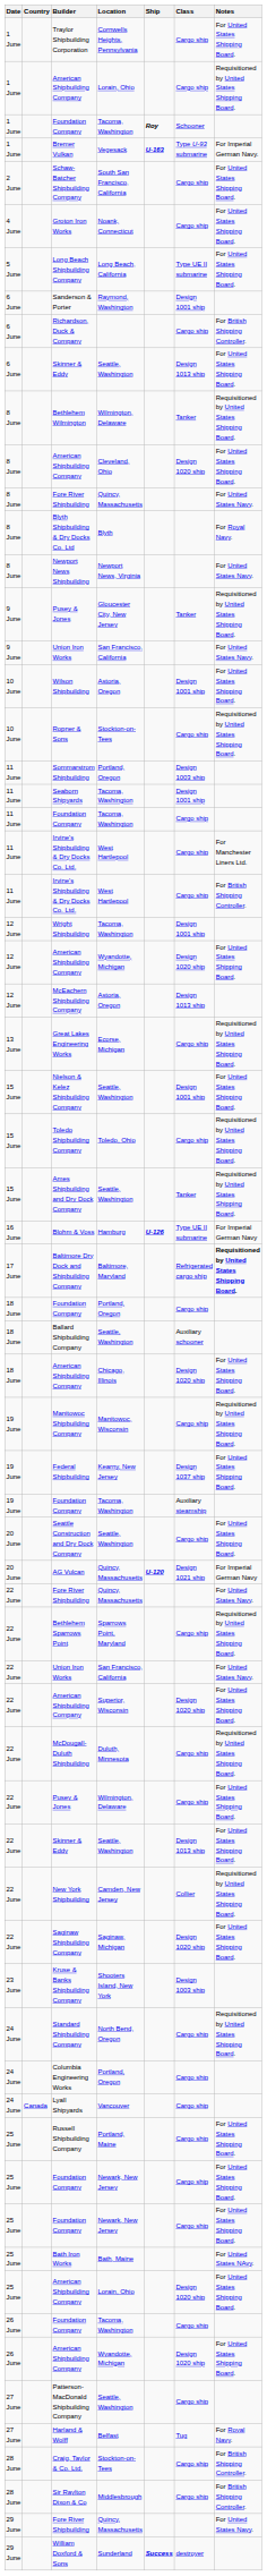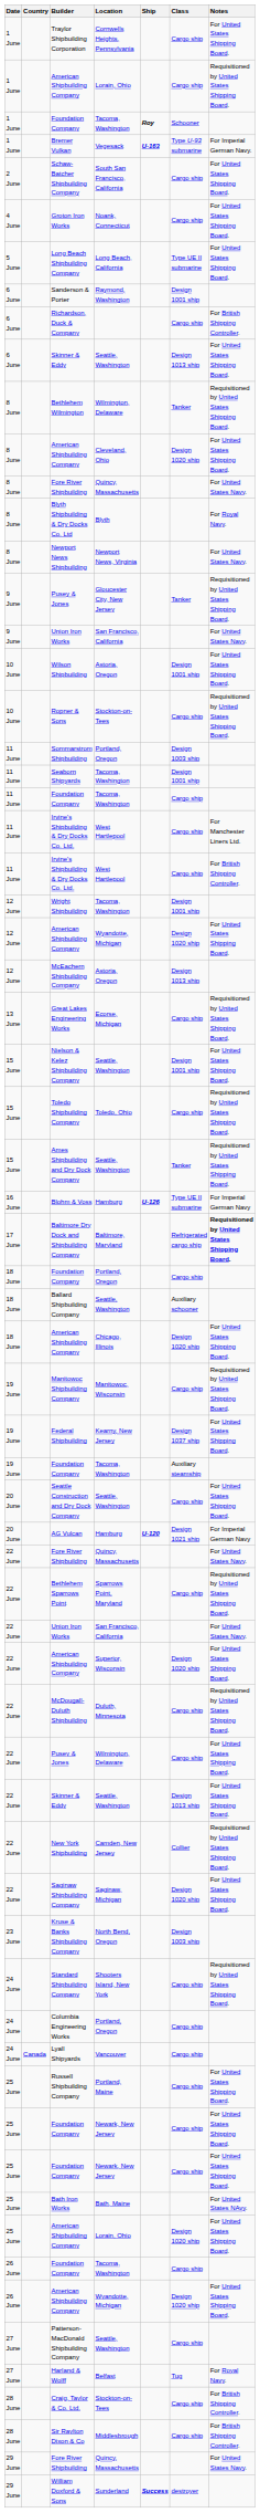 <table class="wikitable sortable" style="font-size:1.00em; line-height:1.5em;">
 <tr>
 <th style="text-align: left;">Date</th>
 <th style="text-align: left;">Country</th>
 <th style="text-align: left;">Builder</th>
 <th style="text-align: left;">Location</th>
 <th style="text-align: left;">Ship</th>
 <th style="text-align: left;">Class</th>
 <th style="text-align: left;">Notes</th>
 </tr>
 <tr>
 <td>1 June</td>
 <td></td>
 <td>Traylor Shipbuilding Corporation</td>
 <td><a href='#'>Cornwells Heights, Pennsylvania</a></td>
 <td><strong></strong></td>
 <td><a href='#'>Cargo ship</a></td>
 <td>For <a href='#'>United States Shipping Board</a>.</td>
 </tr>
 <tr>
 <td>1 June</td>
 <td></td>
 <td><a href='#'>American Shipbuilding Company</a></td>
 <td><a href='#'>Lorain, Ohio</a></td>
 <td><strong></strong></td>
 <td><a href='#'>Cargo ship</a></td>
 <td>Requisitioned by <a href='#'>United States Shipping Board</a>.</td>
 </tr>
 <tr>
 <td>1 June</td>
 <td></td>
 <td><a href='#'>Foundation Company</a></td>
 <td><a href='#'>Tacoma, Washington</a></td>
 <td><strong><em>Roy</em></strong></td>
 <td><a href='#'>Schooner</a></td>
 <td></td>
 </tr>
 <tr>
 <td>1 June</td>
 <td></td>
 <td><a href='#'>Bremer Vulkan</a></td>
 <td><a href='#'>Vegesack</a></td>
 <td><strong><a href='#'><em>U-163</em></a></strong></td>
 <td><a href='#'>Type <em>U-93</em> submarine</a></td>
 <td>For Imperial German Navy.</td>
 </tr>
 <tr>
 <td>2 June</td>
 <td></td>
 <td><a href='#'>Schaw-Batcher Shipbuilding Company</a></td>
 <td><a href='#'>South San Francisco, California</a></td>
 <td><strong></strong></td>
 <td><a href='#'>Cargo ship</a></td>
 <td>For <a href='#'>United States Shipping Board</a>.</td>
 </tr>
 <tr>
 <td>4 June</td>
 <td></td>
 <td><a href='#'>Groton Iron Works</a></td>
 <td><a href='#'>Noank, Connecticut</a></td>
 <td><strong></strong></td>
 <td><a href='#'>Cargo ship</a></td>
 <td>For <a href='#'>United States Shipping Board</a>.</td>
 </tr>
 <tr>
 <td>5 June</td>
 <td></td>
 <td><a href='#'>Long Beach Shipbuilding Company</a></td>
 <td><a href='#'>Long Beach, California</a></td>
 <td><strong></strong></td>
 <td><a href='#'>Type UE II submarine</a></td>
 <td>For <a href='#'>United States Shipping Board</a>.</td>
 </tr>
 <tr>
 <td>6 June</td>
 <td></td>
 <td>Sanderson & Porter</td>
 <td><a href='#'>Raymond, Washington</a></td>
 <td><strong></strong></td>
 <td><a href='#'>Design 1001 ship</a></td>
 <td></td>
 </tr>
 <tr>
 <td>6 June</td>
 <td></td>
 <td><a href='#'>Richardson, Duck & Company</a></td>
 <td></td>
 <td><strong></strong></td>
 <td><a href='#'>Cargo ship</a></td>
 <td>For <a href='#'>British Shipping Controller</a>.</td>
 </tr>
 <tr>
 <td>6 June</td>
 <td></td>
 <td><a href='#'>Skinner & Eddy</a></td>
 <td><a href='#'>Seattle, Washington</a></td>
 <td><strong></strong></td>
 <td><a href='#'>Design 1013 ship</a></td>
 <td>For <a href='#'>United States Shipping Board</a>.</td>
 </tr>
 <tr>
 <td>8 June</td>
 <td></td>
 <td><a href='#'>Bethlehem Wilmington</a></td>
 <td><a href='#'>Wilmington, Delaware</a></td>
 <td><strong></strong></td>
 <td><a href='#'>Tanker</a></td>
 <td>Requisitioned by <a href='#'>United States Shipping Board</a>.</td>
 </tr>
 <tr>
 <td>8 June</td>
 <td></td>
 <td><a href='#'>American Shipbuilding Company</a></td>
 <td><a href='#'>Cleveland, Ohio</a></td>
 <td><strong></strong></td>
 <td><a href='#'>Design 1020 ship</a></td>
 <td>For <a href='#'>United States Shipping Board</a>.</td>
 </tr>
 <tr>
 <td>8 June</td>
 <td></td>
 <td><a href='#'>Fore River Shipbuilding</a></td>
 <td><a href='#'>Quincy, Massachusetts</a></td>
 <td><strong></strong></td>
 <td></td>
 <td>For <a href='#'>United States Navy</a>.</td>
 </tr>
 <tr ---->
 <td>8 June</td>
 <td></td>
 <td><a href='#'>Blyth Shipbuilding & Dry Docks Co. Ltd</a></td>
 <td><a href='#'>Blyth</a></td>
 <td><strong></strong></td>
 <td></td>
 <td>For <a href='#'>Royal Navy</a>.</td>
 </tr>
 <tr>
 <td>8 June</td>
 <td></td>
 <td><a href='#'>Newport News Shipbuilding</a></td>
 <td><a href='#'>Newport News, Virginia</a></td>
 <td><strong></strong></td>
 <td></td>
 <td>For <a href='#'>United States Navy</a>.</td>
 </tr>
 <tr>
 <td>9 June</td>
 <td></td>
 <td><a href='#'>Pusey & Jones</a></td>
 <td><a href='#'>Gloucester City, New Jersey</a></td>
 <td><strong></strong></td>
 <td><a href='#'>Tanker</a></td>
 <td>Requisitioned by <a href='#'>United States Shipping Board</a>.</td>
 </tr>
 <tr>
 <td>9 June</td>
 <td></td>
 <td><a href='#'>Union Iron Works</a></td>
 <td><a href='#'>San Francisco, California</a></td>
 <td><strong></strong></td>
 <td></td>
 <td>For <a href='#'>United States Navy</a>.</td>
 </tr>
 <tr>
 <td>10 June</td>
 <td></td>
 <td><a href='#'>Wilson Shipbuilding</a></td>
 <td><a href='#'>Astoria, Oregon</a></td>
 <td><strong></strong></td>
 <td><a href='#'>Design 1001 ship</a></td>
 <td>For <a href='#'>United States Shipping Board</a>.</td>
 </tr>
 <tr>
 <td>10 June</td>
 <td></td>
 <td><a href='#'>Ropner & Sons</a></td>
 <td><a href='#'>Stockton-on-Tees</a></td>
 <td><strong></strong></td>
 <td><a href='#'>Cargo ship</a></td>
 <td>Requisitioned by <a href='#'>United States Shipping Board</a>.</td>
 </tr>
 <tr>
 <td>11 June</td>
 <td></td>
 <td><a href='#'>Sommarstrom Shipbuilding</a></td>
 <td><a href='#'>Portland, Oregon</a></td>
 <td><strong></strong></td>
 <td><a href='#'>Design 1003 ship</a></td>
 <td></td>
 </tr>
 <tr>
 <td>11 June</td>
 <td></td>
 <td><a href='#'>Seaborn Shipyards</a></td>
 <td><a href='#'>Tacoma, Washington</a></td>
 <td><strong></strong></td>
 <td><a href='#'>Design 1001 ship</a></td>
 <td></td>
 </tr>
 <tr>
 <td>11 June</td>
 <td></td>
 <td><a href='#'>Foundation Company</a></td>
 <td><a href='#'>Tacoma, Washington</a></td>
 <td><strong></strong></td>
 <td><a href='#'>Cargo ship</a></td>
 <td></td>
 </tr>
 <tr>
 <td>11 June</td>
 <td></td>
 <td><a href='#'>Irvine's Shipbuilding & Dry Docks Co. Ltd.</a></td>
 <td><a href='#'>West Hartlepool</a></td>
 <td><strong></strong></td>
 <td><a href='#'>Cargo ship</a></td>
 <td>For  Manchester Liners Ltd.</td>
 </tr>
 <tr>
 <td>11 June</td>
 <td></td>
 <td><a href='#'>Irvine's Shipbuilding & Dry Docks Co. Ltd.</a></td>
 <td><a href='#'>West Hartlepool</a></td>
 <td><strong></strong></td>
 <td><a href='#'>Cargo ship</a></td>
 <td>For <a href='#'>British Shipping Controller</a>.</td>
 </tr>
 <tr>
 <td>12 June</td>
 <td></td>
 <td><a href='#'>Wright Shipbuilding</a></td>
 <td><a href='#'>Tacoma, Washington</a></td>
 <td><strong></strong></td>
 <td><a href='#'>Design 1001 ship</a></td>
 <td></td>
 </tr>
 <tr>
 <td>12 June</td>
 <td></td>
 <td><a href='#'>American Shipbuilding Company</a></td>
 <td><a href='#'>Wyandotte, Michigan</a></td>
 <td><strong></strong></td>
 <td><a href='#'>Design 1020 ship</a></td>
 <td>For <a href='#'>United States Shipping Board</a>.</td>
 </tr>
 <tr>
 <td>12 June</td>
 <td></td>
 <td><a href='#'>McEachern Shipbuilding Company</a></td>
 <td><a href='#'>Astoria, Oregon</a></td>
 <td><strong></strong></td>
 <td><a href='#'>Design 1013 ship</a></td>
 <td></td>
 </tr>
 <tr>
 <td>13 June</td>
 <td></td>
 <td><a href='#'>Great Lakes Engineering Works</a></td>
 <td><a href='#'>Ecorse, Michigan</a></td>
 <td><strong></strong></td>
 <td><a href='#'>Cargo ship</a></td>
 <td>Requisitioned by <a href='#'>United States Shipping Board</a>.</td>
 </tr>
 <tr>
 <td>15 June</td>
 <td></td>
 <td><a href='#'>Nielson & Kelez Shipbuilding Company</a></td>
 <td><a href='#'>Seattle, Washington</a></td>
 <td><strong></strong></td>
 <td><a href='#'>Design 1001 ship</a></td>
 <td>For <a href='#'>United States Shipping Board</a>.</td>
 </tr>
 <tr>
 <td>15 June</td>
 <td></td>
 <td><a href='#'>Toledo Shipbuilding Company</a></td>
 <td><a href='#'>Toledo, Ohio</a></td>
 <td><strong></strong></td>
 <td><a href='#'>Cargo ship</a></td>
 <td>Requisitioned by <a href='#'>United States Shipping Board</a>.</td>
 </tr>
 <tr>
 <td>15 June</td>
 <td></td>
 <td><a href='#'>Ames Shipbuilding and Dry Dock Company</a></td>
 <td><a href='#'>Seattle, Washington</a></td>
 <td><strong></strong></td>
 <td><a href='#'>Tanker</a></td>
 <td>Requisitioned by <a href='#'>United States Shipping Board</a>.</td>
 </tr>
 <tr>
 <td>16 June</td>
 <td></td>
 <td><a href='#'>Blohm & Voss</a></td>
 <td><a href='#'>Hamburg</a></td>
 <td><strong><a href='#'><em>U-126</em></a></strong></td>
 <td><a href='#'>Type UE II submarine</a></td>
 <td>For Imperial German Navy</td>
 </tr>
 <tr>
 <td>17 June</td>
 <td></td>
 <td><a href='#'>Baltimore Dry Dock and Shipbuilding Company</a></td>
 <td><a href='#'>Baltimore, Maryland</a></td>
 <td><strong></strong></td>
 <td><a href='#'>Refrigerated cargo ship</a></td>
 <td><strong>Requisitioned by <a href='#'>United States Shipping Board</a>.</strong></td>
 </tr>
 <tr>
 <td>18 June</td>
 <td></td>
 <td><a href='#'>Foundation Company</a></td>
 <td><a href='#'>Portland, Oregon</a></td>
 <td><strong></strong></td>
 <td><a href='#'>Cargo ship</a></td>
 <td></td>
 </tr>
 <tr>
 <td>18 June</td>
 <td></td>
 <td>Ballard Shipbuilding Company</td>
 <td><a href='#'>Seattle, Washington</a></td>
 <td><strong></strong></td>
 <td>Auxiliary <a href='#'>schooner</a></td>
 <td></td>
 </tr>
 <tr>
 <td>18 June</td>
 <td></td>
 <td><a href='#'>American Shipbuilding Company</a></td>
 <td><a href='#'>Chicago, Illinois</a></td>
 <td><strong></strong></td>
 <td><a href='#'>Design 1020 ship</a></td>
 <td>For <a href='#'>United States Shipping Board</a>.</td>
 </tr>
 <tr>
 <td>19 June</td>
 <td></td>
 <td><a href='#'>Manitowoc Shipbuilding Company</a></td>
 <td><a href='#'>Manitowoc, Wisconsin</a></td>
 <td><strong></strong></td>
 <td><a href='#'>Cargo ship</a></td>
 <td>Requisitioned by <a href='#'>United States Shipping Board</a>.</td>
 </tr>
 <tr>
 <td>19 June</td>
 <td></td>
 <td><a href='#'>Federal Shipbuilding</a></td>
 <td><a href='#'>Kearny, New Jersey</a></td>
 <td><strong></strong></td>
 <td><a href='#'>Design 1037 ship</a></td>
 <td>For <a href='#'>United States Shipping Board</a>.</td>
 </tr>
 <tr>
 <td>19 June</td>
 <td></td>
 <td><a href='#'>Foundation Company</a></td>
 <td><a href='#'>Tacoma, Washington</a></td>
 <td><strong></strong></td>
 <td>Auxiliary <a href='#'>steamship</a></td>
 <td></td>
 </tr>
 <tr>
 <td>20 June</td>
 <td></td>
 <td><a href='#'>Seattle Construction and Dry Dock Company</a></td>
 <td><a href='#'>Seattle, Washington</a></td>
 <td><strong></strong></td>
 <td><a href='#'>Cargo ship</a></td>
 <td>For <a href='#'>United States Shipping Board</a>.</td>
 </tr>
 <tr>
 <td>20 June</td>
 <td></td>
 <td><a href='#'>AG Vulcan</a></td>
-<td><a href='#'>Quincy, Massachusetts</a></td>
+<td><a href='#'>Hamburg</a></td>
 <td><strong><a href='#'><em>U-120</em></a></strong></td>
 <td><a href='#'>Design 1021 ship</a></td>
 <td>For Imperial German Navy</td>
 </tr>
 <tr>
 <td>22 June</td>
 <td></td>
 <td><a href='#'>Fore River Shipbuilding</a></td>
 <td><a href='#'>Quincy, Massachusetts</a></td>
 <td><strong></strong></td>
 <td></td>
 <td>For <a href='#'>United States Navy</a>.</td>
 </tr>
 <tr>
 <td>22 June</td>
 <td></td>
 <td><a href='#'>Bethlehem Sparrows Point</a></td>
 <td><a href='#'>Sparrows Point, Maryland</a></td>
 <td><strong></strong></td>
 <td><a href='#'>Cargo ship</a></td>
 <td>Requisitioned by <a href='#'>United States Shipping Board</a>.</td>
 </tr>
 <tr>
 <td>22 June</td>
 <td></td>
 <td><a href='#'>Union Iron Works</a></td>
 <td><a href='#'>San Francisco, California</a></td>
 <td><strong></strong></td>
 <td></td>
 <td>For <a href='#'>United States Navy</a>.</td>
 </tr>
 <tr>
 <td>22 June</td>
 <td></td>
 <td><a href='#'>American Shipbuilding Company</a></td>
 <td><a href='#'>Superior, Wisconsin</a></td>
 <td><strong></strong></td>
 <td><a href='#'>Design 1020 ship</a></td>
 <td>For <a href='#'>United States Shipping Board</a>.</td>
 </tr>
 <tr>
 <td>22 June</td>
 <td></td>
 <td><a href='#'>McDougall-Duluth Shipbuilding</a></td>
 <td><a href='#'>Duluth, Minnesota</a></td>
 <td><strong></strong></td>
 <td><a href='#'>Cargo ship</a></td>
 <td>Requisitioned by <a href='#'>United States Shipping Board</a>.</td>
 </tr>
 <tr>
 <td>22 June</td>
 <td></td>
 <td><a href='#'>Pusey & Jones</a></td>
 <td><a href='#'>Wilmington, Delaware</a></td>
 <td><strong></strong></td>
 <td><a href='#'>Cargo ship</a></td>
 <td>For <a href='#'>United States Shipping Board</a>.</td>
 </tr>
 <tr>
 <td>22 June</td>
 <td></td>
 <td><a href='#'>Skinner & Eddy</a></td>
 <td><a href='#'>Seattle, Washington</a></td>
 <td><strong></strong></td>
 <td><a href='#'>Design 1013 ship</a></td>
 <td>For <a href='#'>United States Shipping Board</a>.</td>
 </tr>
 <tr>
 <td>22 June</td>
 <td></td>
 <td><a href='#'>New York Shipbuilding</a></td>
 <td><a href='#'>Camden, New Jersey</a></td>
 <td><strong></strong></td>
 <td><a href='#'>Collier</a></td>
 <td>Requisitioned by <a href='#'>United States Shipping Board</a>.</td>
 </tr>
 <tr>
 <td>22 June</td>
 <td></td>
 <td><a href='#'>Saginaw Shipbuilding Company</a></td>
 <td><a href='#'>Saginaw, Michigan</a></td>
 <td><strong></strong></td>
 <td><a href='#'>Design 1020 ship</a></td>
 <td>For <a href='#'>United States Shipping Board</a>.</td>
 </tr>
 <tr>
 <td>23 June</td>
 <td></td>
 <td><a href='#'>Kruse & Banks Shipbuilding Company</a></td>
-<td><a href='#'>Shooters Island, New York</a></td>
+<td><a href='#'>North Bend, Oregon</a></td>
 <td><strong></strong></td>
 <td><a href='#'>Design 1003 ship</a></td>
 <td></td>
 </tr>
 <tr>
 <td>24 June</td>
 <td></td>
 <td><a href='#'>Standard Shipbuilding Company</a></td>
-<td><a href='#'>North Bend, Oregon</a></td>
+<td><a href='#'>Shooters Island, New York</a></td>
 <td><strong></strong></td>
 <td><a href='#'>Cargo ship</a></td>
 <td>Requisitioned by <a href='#'>United States Shipping Board</a>.</td>
 </tr>
 <tr>
 <td>24 June</td>
 <td></td>
 <td>Columbia Engineering Works</td>
 <td><a href='#'>Portland, Oregon</a></td>
 <td><strong></strong></td>
 <td><a href='#'>Cargo ship</a></td>
 <td></td>
 </tr>
 <tr>
 <td>24 June</td>
 <td> <a href='#'>Canada</a></td>
 <td>Lyall Shipyards</td>
 <td><a href='#'>Vancouver</a></td>
 <td><strong></strong></td>
 <td><a href='#'>Cargo ship</a></td>
 <td></td>
 </tr>
 <tr>
 <td>25 June</td>
 <td></td>
 <td>Russell Shipbuilding Company</td>
 <td><a href='#'>Portland, Maine</a></td>
 <td><strong></strong></td>
 <td><a href='#'>Cargo ship</a></td>
 <td>For <a href='#'>United States Shipping Board</a>.</td>
 </tr>
 <tr>
 <td>25 June</td>
 <td></td>
 <td><a href='#'>Foundation Company</a></td>
 <td><a href='#'>Newark, New Jersey</a></td>
 <td><strong></strong></td>
 <td><a href='#'>Cargo ship</a></td>
 <td>For <a href='#'>United States Shipping Board</a>.</td>
 </tr>
 <tr>
 <td>25 June</td>
 <td></td>
 <td><a href='#'>Foundation Company</a></td>
 <td><a href='#'>Newark, New Jersey</a></td>
 <td><strong></strong></td>
 <td><a href='#'>Cargo ship</a></td>
 <td>For <a href='#'>United States Shipping Board</a>.</td>
 </tr>
 <tr>
 <td>25 June</td>
 <td></td>
 <td><a href='#'>Bath Iron Works</a></td>
 <td><a href='#'>Bath, Maine</a></td>
 <td><strong></strong></td>
 <td></td>
 <td>For <a href='#'>United States NAvy</a>.</td>
 </tr>
 <tr>
 <td>25 June</td>
 <td></td>
 <td><a href='#'>American Shipbuilding Company</a></td>
 <td><a href='#'>Lorain, Ohio</a></td>
 <td><strong></strong></td>
 <td><a href='#'>Design 1020 ship</a></td>
 <td>For <a href='#'>United States Shipping Board</a>.</td>
 </tr>
 <tr>
 <td>26 June</td>
 <td></td>
 <td><a href='#'>Foundation Company</a></td>
 <td><a href='#'>Tacoma, Washington</a></td>
 <td><strong></strong></td>
 <td><a href='#'>Cargo ship</a></td>
 <td></td>
 </tr>
 <tr>
 <td>26 June</td>
 <td></td>
 <td><a href='#'>American Shipbuilding Company</a></td>
 <td><a href='#'>Wyandotte, Michigan</a></td>
 <td><strong></strong></td>
 <td><a href='#'>Design 1020 ship</a></td>
 <td>For <a href='#'>United States Shipping Board</a>.</td>
 </tr>
 <tr>
 <td>27 June</td>
 <td></td>
 <td>Patterson-MacDonald Shipbuilding Company</td>
 <td><a href='#'>Seattle, Washington</a></td>
 <td><strong></strong></td>
 <td><a href='#'>Cargo ship</a></td>
 <td></td>
 </tr>
 <tr ---->
 <td>27 June</td>
 <td></td>
 <td><a href='#'>Harland & Wolff</a></td>
 <td><a href='#'>Belfast</a></td>
 <td><strong></strong></td>
 <td><a href='#'>Tug</a></td>
 <td>For <a href='#'>Royal Navy</a>.</td>
 </tr>
 <tr>
 <td>28 June</td>
 <td></td>
 <td><a href='#'>Craig, Taylor & Co. Ltd.</a></td>
 <td><a href='#'>Stockton-on-Tees</a></td>
 <td><strong></strong></td>
 <td><a href='#'>Cargo ship</a></td>
 <td>For <a href='#'>British Shipping Controller</a>.</td>
 </tr>
 <tr>
 <td>28 June</td>
 <td></td>
 <td><a href='#'>Sir Raylton Dixon & Co</a></td>
 <td><a href='#'>Middlesbrough</a></td>
 <td><strong></strong></td>
 <td><a href='#'>Cargo ship</a></td>
 <td>For <a href='#'>British Shipping Controller</a>.</td>
 </tr>
 <tr>
 <td>29 June</td>
 <td></td>
 <td><a href='#'>Fore River Shipbuilding</a></td>
 <td><a href='#'>Quincy, Massachusetts</a></td>
 <td><strong></strong></td>
 <td></td>
 <td>For <a href='#'>United States Navy</a>.</td>
 </tr>
 <tr>
 <td>29 June</td>
 <td></td>
 <td><a href='#'>William Doxford & Sons</a></td>
 <td><a href='#'>Sunderland</a></td>
 <td><strong><a href='#'><em>Success</em></a></strong></td>
 <td> <a href='#'>destroyer</a></td>
 <td></td>
 </tr>
 </table>
